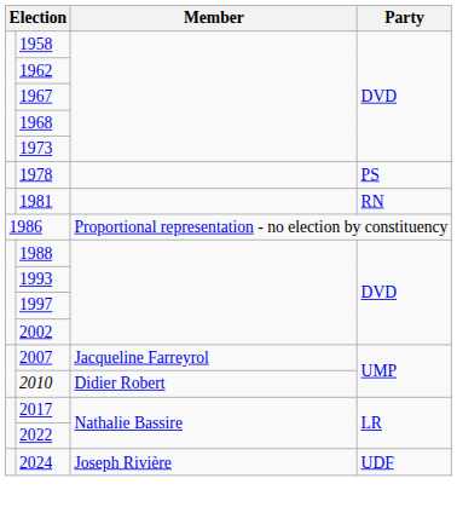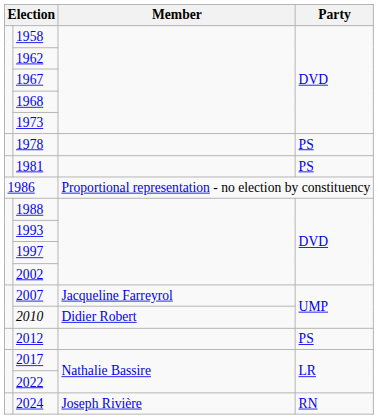 <table class="wikitable">
 <tr>
 <th colspan="2">Election</th>
 <th>Member</th>
 <th>Party</th>
 </tr>
 <tr>
 <td rowspan="5" style="background-color: "></td>
 <td><a href='#'>1958</a></td>
 <td rowspan="5"></td>
 <td rowspan="5"><a href='#'>DVD</a></td>
 </tr>
 <tr>
 <td><a href='#'>1962</a></td>
 </tr>
 <tr>
 <td><a href='#'>1967</a></td>
 </tr>
 <tr>
 <td><a href='#'>1968</a></td>
 </tr>
 <tr>
 <td><a href='#'>1973</a></td>
 </tr>
 <tr>
 <td style="color:inherit;background-color: "></td>
 <td><a href='#'>1978</a></td>
 <td></td>
 <td><a href='#'>PS</a></td>
 </tr>
 <tr>
 <td style="color:inherit;background-color: "></td>
 <td><a href='#'>1981</a></td>
 <td></td>
-<td><a href='#'>RN</a></td>
+<td><a href='#'>PS</a></td>
 </tr>
 <tr>
 <td colspan="2"><a href='#'>1986</a></td>
 <td colspan="2"><a href='#'>Proportional representation</a> - no election by constituency</td>
 </tr>
 <tr>
 <td rowspan="4" style="background-color: "></td>
 <td><a href='#'>1988</a></td>
 <td rowspan="4"></td>
 <td rowspan="4"><a href='#'>DVD</a></td>
 </tr>
 <tr>
 <td><a href='#'>1993</a></td>
 </tr>
 <tr>
 <td><a href='#'>1997</a></td>
 </tr>
 <tr>
 <td><a href='#'>2002</a></td>
 </tr>
 <tr>
 <td rowspan="2" style="background-color: "></td>
 <td><a href='#'>2007</a></td>
 <td><a href='#'>Jacqueline Farreyrol</a></td>
 <td rowspan="2"><a href='#'>UMP</a></td>
 </tr>
 <tr>
 <td><em>2010</em></td>
 <td><a href='#'>Didier Robert</a></td>
 </tr>
 <tr>
+<td style="color:inherit;background-color: "></td>
+<td><a href='#'>2012</a></td>
+<td></td>
+<td><a href='#'>PS</a></td>
+</tr>
+<tr>
 <td rowspan="2" style="background-color: "></td>
 <td><a href='#'>2017</a></td>
 <td rowspan="2"><a href='#'>Nathalie Bassire</a></td>
 <td rowspan=2><a href='#'>LR</a></td>
 </tr>
 <tr>
 <td><a href='#'>2022</a></td>
 </tr>
 <tr>
 <td style="color:inherit;background-color: "></td>
 <td><a href='#'>2024</a></td>
 <td><a href='#'>Joseph Rivière</a></td>
-<td><a href='#'>UDF</a></td>
+<td><a href='#'>RN</a></td>
 </tr>
 </table>
